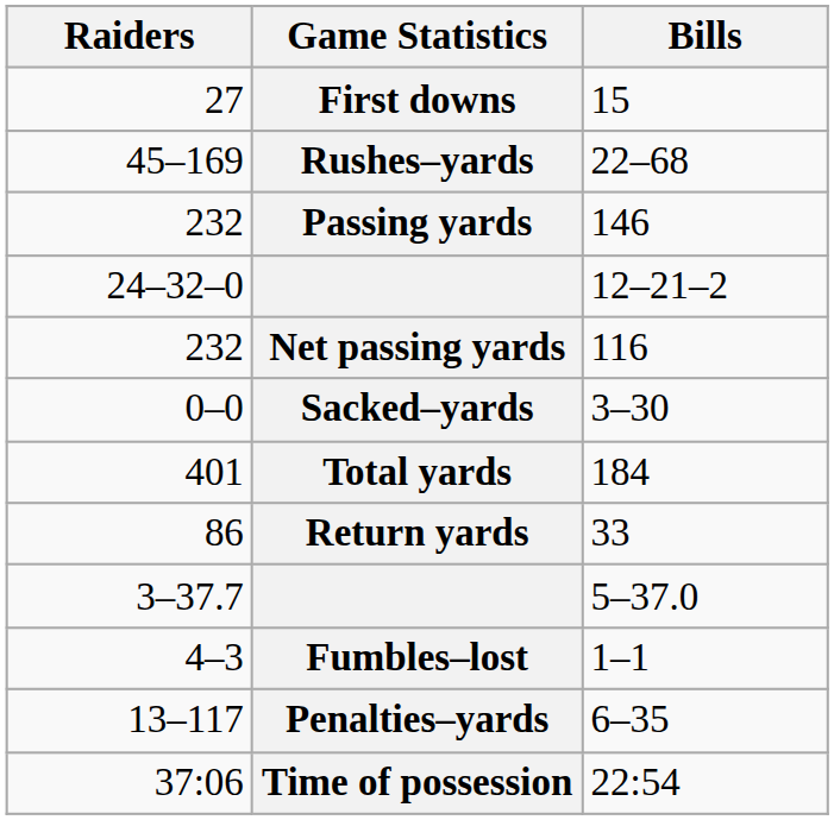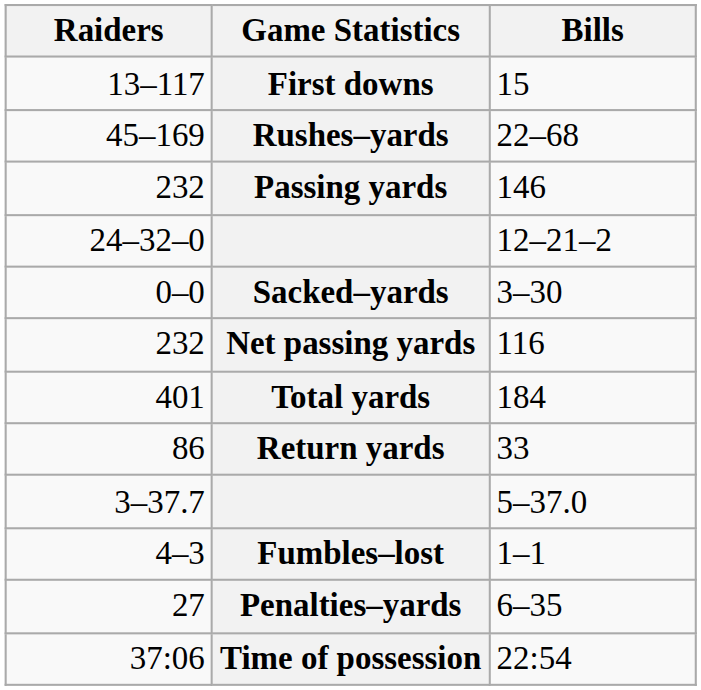 <table class="wikitable" style="margin: 1em auto 1em auto">
 <tr>
 <th style="width:30%;">Raiders</th>
 <th style="width:40%;">Game Statistics</th>
 <th style="width:30%;">Bills</th>
 </tr>
 <tr>
-<td style="text-align:right;">27</td>
+<td style="text-align:right;">13–117</td>
 <th>First downs</th>
 <td>15</td>
 </tr>
 <tr>
 <td style="text-align:right;">45–169</td>
 <th>Rushes–yards</th>
 <td>22–68</td>
 </tr>
 <tr>
 <td style="text-align:right;">232</td>
 <th>Passing yards</th>
 <td>146</td>
 </tr>
 <tr>
 <td style="text-align:right;">24–32–0</td>
 <th></th>
 <td>12–21–2</td>
 </tr>
 <tr>
+<td style="text-align:right;">0–0</td>
+<th>Sacked–yards</th>
+<td>3–30</td>
+</tr>
+<tr>
 <td style="text-align:right;">232</td>
 <th>Net passing yards</th>
 <td>116</td>
-</tr>
-<tr>
-<td style="text-align:right;">0–0</td>
-<th>Sacked–yards</th>
-<td>3–30</td>
 </tr>
 <tr>
 <td style="text-align:right;">401</td>
 <th>Total yards</th>
 <td>184</td>
 </tr>
 <tr>
 <td style="text-align:right;">86</td>
 <th>Return yards</th>
 <td>33</td>
 </tr>
 <tr>
 <td style="text-align:right;">3–37.7</td>
 <th></th>
 <td>5–37.0</td>
 </tr>
 <tr>
 <td style="text-align:right;">4–3</td>
 <th>Fumbles–lost</th>
 <td>1–1</td>
 </tr>
 <tr>
-<td style="text-align:right;">13–117</td>
+<td style="text-align:right;">27</td>
 <th>Penalties–yards</th>
 <td>6–35</td>
 </tr>
 <tr>
 <td style="text-align:right;">37:06</td>
 <th>Time of possession</th>
 <td>22:54</td>
 </tr>
 </table>
